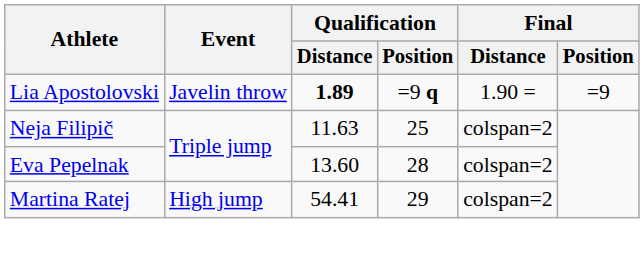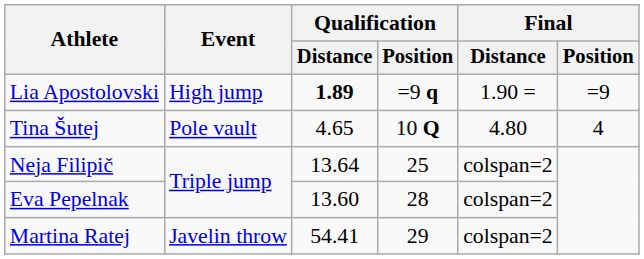 <table class=wikitable style=font-size:90%>
 <tr>
 <th rowspan=2>Athlete</th>
 <th rowspan=2>Event</th>
 <th colspan=2>Qualification</th>
 <th colspan=2>Final</th>
 </tr>
 <tr style=font-size:95%>
 <th>Distance</th>
 <th>Position</th>
 <th>Distance</th>
 <th>Position</th>
 </tr>
 <tr align=center>
 <td align=left><a href='#'>Lia Apostolovski</a></td>
-<td align=left><a href='#'>Javelin throw</a></td>
+<td align=left><a href='#'>High jump</a></td>
 <td><strong>1.89</strong></td>
 <td>=9 <strong>q</strong></td>
 <td>1.90 =</td>
 <td>=9</td>
 </tr>
 <tr align=center>
+<td align=left><a href='#'>Tina Šutej</a></td>
+<td align=left><a href='#'>Pole vault</a></td>
+<td>4.65</td>
+<td>10 <strong>Q</strong></td>
+<td>4.80 </td>
+<td>4</td>
+</tr>
+<tr align=center>
 <td align=left><a href='#'>Neja Filipič</a></td>
 <td align=left rowspan=2><a href='#'>Triple jump</a></td>
-<td>11.63</td>
+<td>13.64</td>
 <td>25</td>
 <td>colspan=2 </td>
 </tr>
 <tr align=center>
 <td align=left><a href='#'>Eva Pepelnak</a></td>
 <td>13.60</td>
 <td>28</td>
 <td>colspan=2 </td>
 </tr>
 <tr align=center>
 <td align=left><a href='#'>Martina Ratej</a></td>
-<td align=left><a href='#'>High jump</a></td>
+<td align=left><a href='#'>Javelin throw</a></td>
 <td>54.41</td>
 <td>29</td>
 <td>colspan=2 </td>
 </tr>
 </table>
